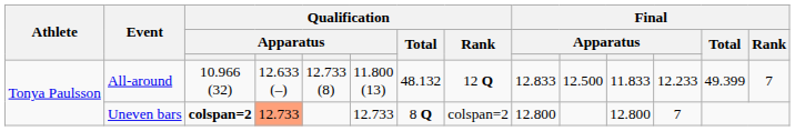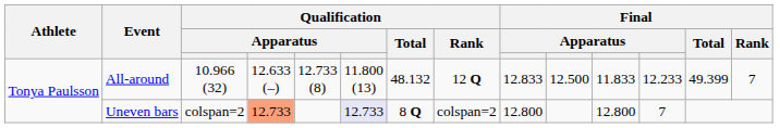 <table class="wikitable" style="font-size:90%">
 <tr>
 <th rowspan=3>Athlete</th>
 <th rowspan=3>Event</th>
 <th colspan=6>Qualification</th>
 <th colspan=6>Final</th>
 </tr>
 <tr>
 <th colspan=4>Apparatus</th>
 <th rowspan=2>Total</th>
 <th rowspan=2>Rank</th>
 <th colspan=4>Apparatus</th>
 <th rowspan=2>Total</th>
 <th rowspan=2>Rank</th>
 </tr>
 <tr style="font-size:95%">
 <th></th>
 <th></th>
 <th></th>
 <th></th>
 <th></th>
 <th></th>
 <th></th>
 <th></th>
 </tr>
 <tr align=center>
 <td align=left rowspan=2><a href='#'>Tonya Paulsson</a></td>
 <td align=left><a href='#'>All-around</a></td>
 <td>10.966<br>(32)</td>
 <td>12.633<br>(–)</td>
 <td>12.733<br>(8)</td>
 <td>11.800<br>(13)</td>
 <td>48.132</td>
 <td>12 <strong>Q</strong></td>
 <td>12.833</td>
 <td>12.500</td>
 <td>11.833</td>
 <td>12.233</td>
 <td>49.399</td>
 <td>7</td>
 </tr>
 <tr align=center>
 <td align=left><a href='#'>Uneven bars</a></td>
-<td><strong>colspan=2 </strong></td>
+<td>colspan=2 </td>
 <td style="background: lightsalmon;">12.733</td>
 <td></td>
-<td>12.733</td>
+<td style="background: lavender;">12.733</td>
 <td>8 <strong>Q</strong></td>
 <td>colspan=2 </td>
 <td>12.800</td>
 <td></td>
 <td>12.800</td>
 <td>7</td>
 </tr>
 </table>
